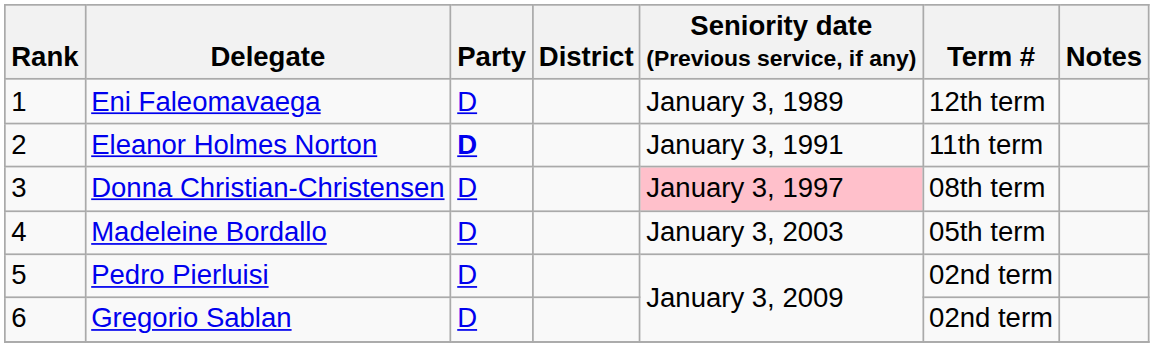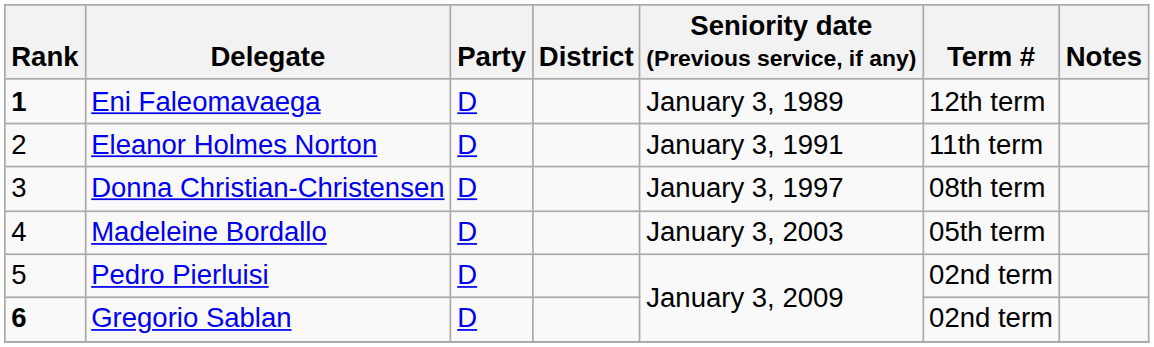 <table class="wikitable sortable">
 <tr valign=bottom>
 <th>Rank</th>
 <th>Delegate</th>
 <th>Party</th>
 <th>District</th>
 <th>Seniority date <br><small>(Previous service, if any)</small><br></th>
 <th>Term #</th>
 <th>Notes</th>
 </tr>
 <tr>
-<td>1</td>
+<td><strong>1</strong></td>
 <td><a href='#'>Eni Faleomavaega</a></td>
 <td><a href='#'>D</a></td>
 <td></td>
 <td>January 3, 1989</td>
 <td>12th term</td>
 <td></td>
 </tr>
 <tr>
 <td>2</td>
 <td><a href='#'>Eleanor Holmes Norton</a></td>
-<td><strong><a href='#'>D</a></strong></td>
+<td><a href='#'>D</a></td>
 <td></td>
 <td>January 3, 1991</td>
 <td>11th term</td>
 <td></td>
 </tr>
 <tr>
 <td>3</td>
 <td><a href='#'>Donna Christian-Christensen</a></td>
 <td><a href='#'>D</a></td>
 <td></td>
-<td style="background: pink;">January 3, 1997</td>
+<td>January 3, 1997</td>
 <td>08th term</td>
 <td></td>
 </tr>
 <tr>
 <td>4</td>
 <td><a href='#'>Madeleine Bordallo</a></td>
 <td><a href='#'>D</a></td>
 <td></td>
 <td>January 3, 2003</td>
 <td>05th term</td>
 <td></td>
 </tr>
 <tr>
 <td>5</td>
 <td><a href='#'>Pedro Pierluisi</a></td>
 <td><a href='#'>D</a></td>
 <td></td>
 <td rowspan=2>January 3, 2009</td>
 <td>02nd term</td>
 <td></td>
 </tr>
 <tr>
-<td>6</td>
+<td><strong>6</strong></td>
 <td><a href='#'>Gregorio Sablan</a></td>
 <td><a href='#'>D</a></td>
 <td></td>
 <td>02nd term</td>
 <td></td>
 </tr>
 <tr>
 </tr>
 </table>
